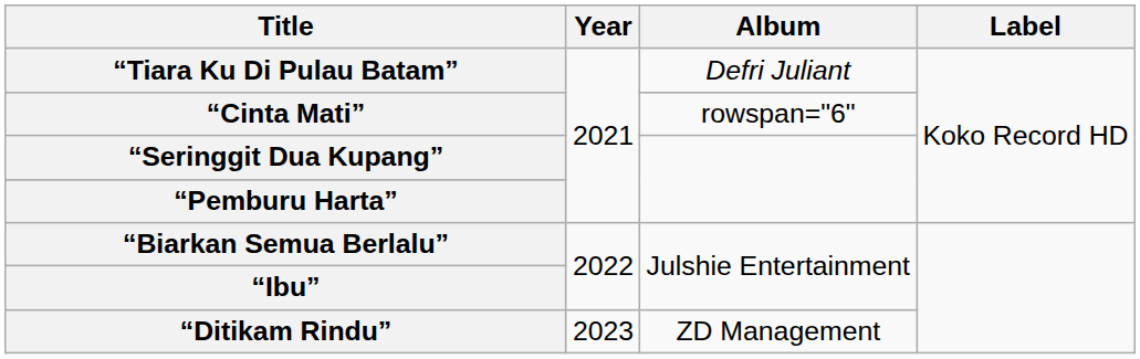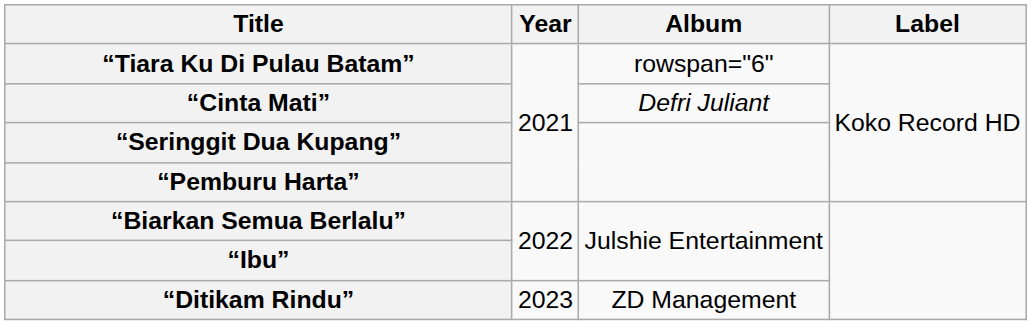 <table class="wikitable plainrowheaders" style="text-align:center;">
 <tr>
 <th rowspan="1" scope="col" style="width:20em;">Title</th>
 <th rowspan="1" scope="col">Year</th>
 <th rowspan="1" scope="col">Album</th>
 <th rowspan="1" scope="col">Label</th>
 </tr>
 <tr>
 <th scope="row">“Tiara Ku Di Pulau Batam”</th>
 <td rowspan="4">2021</td>
-<td><em>Defri Juliant</em></td>
+<td>rowspan="6" </td>
 <td rowspan="4">Koko Record HD</td>
 </tr>
 <tr>
 <th scope="row">“Cinta Mati”<br></th>
-<td>rowspan="6" </td>
+<td><em>Defri Juliant</em></td>
 </tr>
 <tr>
 <th scope="row">“Seringgit Dua Kupang”<br></th>
 </tr>
 <tr>
 <th scope="row">“Pemburu Harta”</th>
 </tr>
 <tr>
 <th scope="row">“Biarkan Semua Berlalu”</th>
 <td rowspan="2">2022</td>
 <td rowspan="2">Julshie Entertainment</td>
 </tr>
 <tr>
 <th scope="row">“Ibu”</th>
 </tr>
 <tr>
 <th scope="row">“Ditikam Rindu”</th>
 <td rowspan="2">2023</td>
 <td rowspan="2">ZD Management</td>
 </tr>
 </table>
